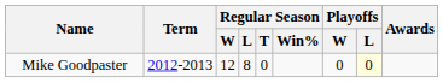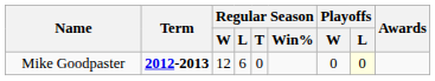 <table class="wikitable">
 <tr>
 <th rowspan="2" style="width:140px;">Name</th>
 <th rowspan="2">Term</th>
 <th colspan="4">Regular Season</th>
 <th colspan="2">Playoffs</th>
 <th rowspan="2">Awards</th>
 </tr>
 <tr>
 <th>W</th>
 <th>L</th>
 <th>T</th>
 <th>Win%</th>
 <th>W</th>
 <th>L</th>
 </tr>
 <tr>
 <td style="text-align:center;">Mike Goodpaster</td>
-<td style="text-align:center;"><a href='#'>2012</a>-2013</td>
+<td style="text-align:center;"><strong><a href='#'>2012</a>-2013</strong></td>
 <td style="text-align:center;">12</td>
-<td style="text-align:center;">8</td>
+<td style="text-align:center;">6</td>
 <td style="text-align:center;">0</td>
 <td style="text-align:center;"></td>
 <td style="text-align:center;">0</td>
 <td style="background: lightyellow; text-align:center;">0</td>
 <td style="text-align:center;"></td>
 </tr>
 </table>
